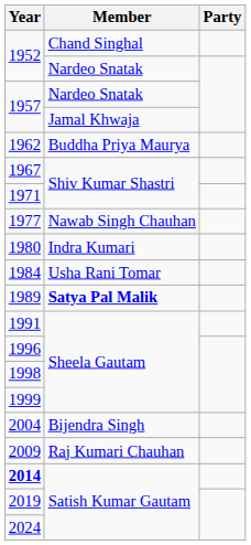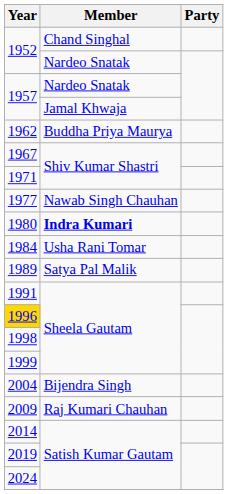 <table class="wikitable sortable">
 <tr>
 <th>Year</th>
 <th>Member</th>
 <th colspan="2">Party</th>
 </tr>
 <tr>
 <td rowspan="2"><a href='#'>1952</a></td>
 <td><a href='#'>Chand Singhal</a></td>
 <td></td>
 </tr>
 <tr>
 <td><a href='#'>Nardeo Snatak</a></td>
 </tr>
 <tr>
 <td rowspan="2"><a href='#'>1957</a></td>
 <td><a href='#'>Nardeo Snatak</a></td>
 </tr>
 <tr>
 <td><a href='#'>Jamal Khwaja</a></td>
 </tr>
 <tr>
 <td><a href='#'>1962</a></td>
 <td><a href='#'>Buddha Priya Maurya</a></td>
 <td></td>
 </tr>
 <tr>
 <td><a href='#'>1967</a></td>
 <td rowspan="2"><a href='#'>Shiv Kumar Shastri</a></td>
 <td></td>
 </tr>
 <tr>
 <td><a href='#'>1971</a></td>
 </tr>
 <tr>
 <td><a href='#'>1977</a></td>
 <td><a href='#'>Nawab Singh Chauhan</a></td>
 <td></td>
 </tr>
 <tr>
 <td><a href='#'>1980</a></td>
-<td><a href='#'>Indra Kumari</a></td>
+<td><strong><a href='#'>Indra Kumari</a></strong></td>
 <td></td>
 </tr>
 <tr>
 <td><a href='#'>1984</a></td>
 <td><a href='#'>Usha Rani Tomar</a></td>
 <td></td>
 </tr>
 <tr>
 <td><a href='#'>1989</a></td>
-<td><strong><a href='#'>Satya Pal Malik</a></strong></td>
+<td><a href='#'>Satya Pal Malik</a></td>
 <td></td>
 </tr>
 <tr>
 <td><a href='#'>1991</a></td>
 <td rowspan="4"><a href='#'>Sheela Gautam</a></td>
 <td></td>
 </tr>
 <tr>
-<td><a href='#'>1996</a></td>
+<td style="background: gold;"><a href='#'>1996</a></td>
 </tr>
 <tr>
 <td><a href='#'>1998</a></td>
 </tr>
 <tr>
 <td><a href='#'>1999</a></td>
 </tr>
 <tr>
 <td><a href='#'>2004</a></td>
 <td><a href='#'>Bijendra Singh</a></td>
 <td></td>
 </tr>
 <tr>
 <td><a href='#'>2009</a></td>
 <td><a href='#'>Raj Kumari Chauhan</a></td>
 <td></td>
 </tr>
 <tr>
-<td><strong><a href='#'>2014</a></strong></td>
+<td><a href='#'>2014</a></td>
 <td rowspan="3"><a href='#'>Satish Kumar Gautam</a></td>
 <td></td>
 </tr>
 <tr>
 <td><a href='#'>2019</a></td>
 </tr>
 <tr>
 <td><a href='#'>2024</a></td>
 </tr>
 </table>
